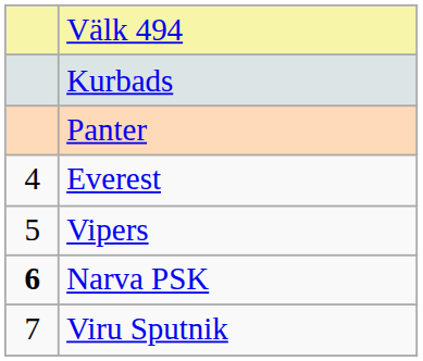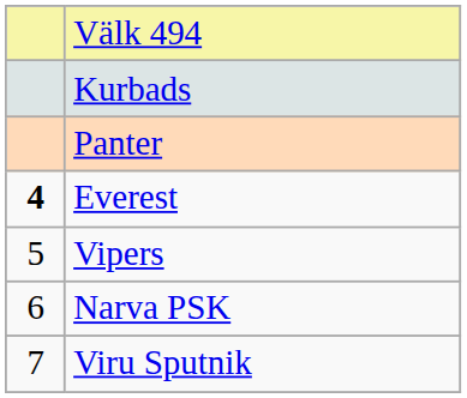 <table class="wikitable" style="width:210px;">
 <tr style="background:#F7F6A8;">
 <td align=center style="width:20px;"></td>
 <td><a href='#'>Välk 494</a></td>
 </tr>
 <tr style="background:#DCE5E5;">
 <td align=center></td>
 <td><a href='#'>Kurbads</a></td>
 </tr>
 <tr style="background:#FFDAB9;">
 <td align=center></td>
 <td><a href='#'>Panter</a></td>
 </tr>
 <tr>
-<td align=center>4</td>
+<td align=center><strong>4</strong></td>
 <td><a href='#'>Everest</a></td>
 </tr>
 <tr>
 <td align=center>5</td>
 <td><a href='#'>Vipers</a></td>
 </tr>
 <tr>
-<td align=center><strong>6</strong></td>
+<td align=center>6</td>
 <td><a href='#'>Narva PSK</a></td>
 </tr>
 <tr>
 <td align=center>7</td>
 <td><a href='#'>Viru Sputnik</a></td>
 </tr>
 </table>
